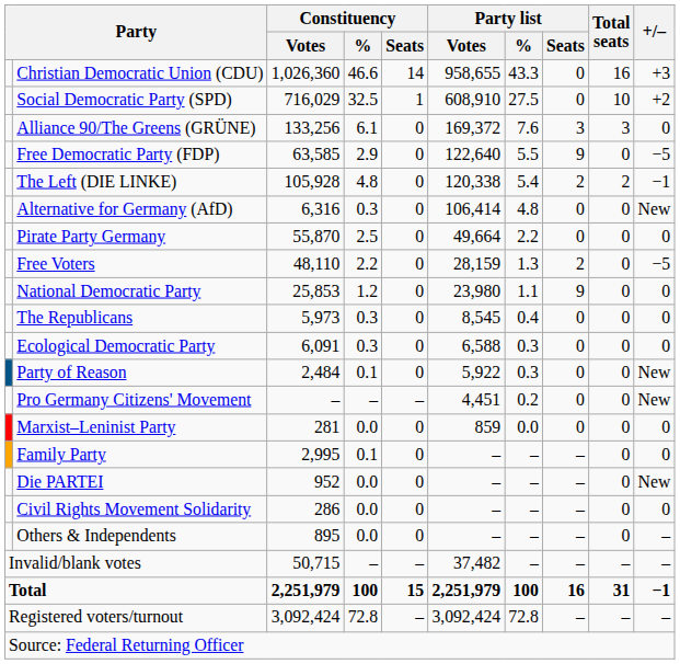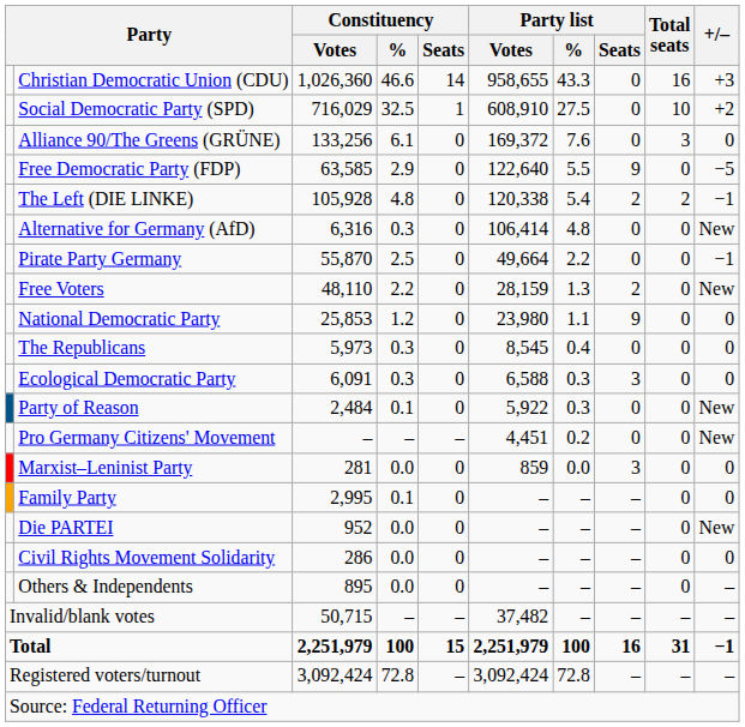 <table class="wikitable" style="text-align:right">
 <tr>
 <th colspan="2" rowspan="2">Party</th>
 <th colspan="3">Constituency</th>
 <th colspan="3">Party list</th>
 <th rowspan="2">Total<br>seats</th>
 <th rowspan="2">+/–</th>
 </tr>
 <tr>
 <th>Votes</th>
 <th>%</th>
 <th>Seats</th>
 <th>Votes</th>
 <th>%</th>
 <th>Seats</th>
 </tr>
 <tr>
 <td></td>
 <td align="left"><a href='#'>Christian Democratic Union</a> (CDU)</td>
 <td>1,026,360</td>
 <td>46.6</td>
 <td>14</td>
 <td>958,655</td>
 <td>43.3</td>
 <td>0</td>
 <td>16</td>
 <td>+3</td>
 </tr>
 <tr>
 <td></td>
 <td align="left"><a href='#'>Social Democratic Party</a> (SPD)</td>
 <td>716,029</td>
 <td>32.5</td>
 <td>1</td>
 <td>608,910</td>
 <td>27.5</td>
 <td>0</td>
 <td>10</td>
 <td>+2</td>
 </tr>
 <tr>
 <td></td>
 <td align="left"><a href='#'>Alliance 90/The Greens</a> (GRÜNE)</td>
 <td>133,256</td>
 <td>6.1</td>
 <td>0</td>
 <td>169,372</td>
 <td>7.6</td>
-<td>3</td>
+<td>0</td>
 <td>3</td>
 <td>0</td>
 </tr>
 <tr>
 <td></td>
 <td align="left"><a href='#'>Free Democratic Party</a> (FDP)</td>
 <td>63,585</td>
 <td>2.9</td>
 <td>0</td>
 <td>122,640</td>
 <td>5.5</td>
 <td>9</td>
 <td>0</td>
 <td>−5</td>
 </tr>
 <tr>
 <td></td>
 <td align="left"><a href='#'>The Left</a> (DIE LINKE)</td>
 <td>105,928</td>
 <td>4.8</td>
 <td>0</td>
 <td>120,338</td>
 <td>5.4</td>
 <td>2</td>
 <td>2</td>
 <td>−1</td>
 </tr>
 <tr>
 <td></td>
 <td align="left"><a href='#'>Alternative for Germany</a> (AfD)</td>
 <td>6,316</td>
 <td>0.3</td>
 <td>0</td>
 <td>106,414</td>
 <td>4.8</td>
 <td>0</td>
 <td>0</td>
 <td>New</td>
 </tr>
 <tr>
 <td style="background-color:"></td>
 <td align="left"><a href='#'>Pirate Party Germany</a></td>
 <td>55,870</td>
 <td>2.5</td>
 <td>0</td>
 <td>49,664</td>
 <td>2.2</td>
 <td>0</td>
 <td>0</td>
-<td>0</td>
+<td>−1</td>
 </tr>
 <tr>
 <td style="background-color:"></td>
 <td align="left"><a href='#'>Free Voters</a></td>
 <td>48,110</td>
 <td>2.2</td>
 <td>0</td>
 <td>28,159</td>
 <td>1.3</td>
 <td>2</td>
 <td>0</td>
-<td>−5</td>
+<td>New</td>
 </tr>
 <tr>
 <td style="background-color:"></td>
 <td align="left"><a href='#'>National Democratic Party</a></td>
 <td>25,853</td>
 <td>1.2</td>
 <td>0</td>
 <td>23,980</td>
 <td>1.1</td>
 <td>9</td>
 <td>0</td>
 <td>0</td>
 </tr>
 <tr>
 <td style="background-color:"></td>
 <td align="left"><a href='#'>The Republicans</a></td>
 <td>5,973</td>
 <td>0.3</td>
 <td>0</td>
 <td>8,545</td>
 <td>0.4</td>
 <td>0</td>
 <td>0</td>
 <td>0</td>
 </tr>
 <tr>
 <td style="background-color:"></td>
 <td align="left"><a href='#'>Ecological Democratic Party</a></td>
 <td>6,091</td>
 <td>0.3</td>
 <td>0</td>
 <td>6,588</td>
 <td>0.3</td>
-<td>0</td>
+<td>3</td>
 <td>0</td>
 <td>0</td>
 </tr>
 <tr>
 <td style="background-color:#005488"></td>
 <td align="left"><a href='#'>Party of Reason</a></td>
 <td>2,484</td>
 <td>0.1</td>
 <td>0</td>
 <td>5,922</td>
 <td>0.3</td>
 <td>0</td>
 <td>0</td>
 <td>New</td>
 </tr>
 <tr>
 <td></td>
 <td align="left"><a href='#'>Pro Germany Citizens' Movement</a></td>
 <td>–</td>
 <td>–</td>
 <td>–</td>
 <td>4,451</td>
 <td>0.2</td>
 <td>0</td>
 <td>0</td>
 <td>New</td>
 </tr>
 <tr>
 <td style="background-color:red"></td>
 <td align="left"><a href='#'>Marxist–Leninist Party</a></td>
 <td>281</td>
 <td>0.0</td>
 <td>0</td>
 <td>859</td>
 <td>0.0</td>
-<td>0</td>
+<td>3</td>
 <td>0</td>
 <td>0</td>
 </tr>
 <tr>
 <td style="background-color:#FFA500"></td>
 <td align="left"><a href='#'>Family Party</a></td>
 <td>2,995</td>
 <td>0.1</td>
 <td>0</td>
 <td>–</td>
 <td>–</td>
 <td>–</td>
 <td>0</td>
 <td>0</td>
 </tr>
 <tr>
 <td style="background-color:"></td>
 <td align="left"><a href='#'>Die PARTEI</a></td>
 <td>952</td>
 <td>0.0</td>
 <td>0</td>
 <td>–</td>
 <td>–</td>
 <td>–</td>
 <td>0</td>
 <td>New</td>
 </tr>
 <tr>
 <td></td>
 <td align="left"><a href='#'>Civil Rights Movement Solidarity</a></td>
 <td>286</td>
 <td>0.0</td>
 <td>0</td>
 <td>–</td>
 <td>–</td>
 <td>–</td>
 <td>0</td>
 <td>0</td>
 </tr>
 <tr>
 <td></td>
 <td align="left">Others & Independents</td>
 <td>895</td>
 <td>0.0</td>
 <td>0</td>
 <td>–</td>
 <td>–</td>
 <td>–</td>
 <td>0</td>
 <td>–</td>
 </tr>
 <tr>
 <td colspan="2" align="left">Invalid/blank votes</td>
 <td>50,715</td>
 <td>–</td>
 <td>–</td>
 <td>37,482</td>
 <td>–</td>
 <td>–</td>
 <td>–</td>
 <td>–</td>
 </tr>
 <tr>
 <td colspan="2" align="left"><strong>Total</strong></td>
 <td><strong>2,251,979</strong></td>
 <td><strong>100</strong></td>
 <td><strong>15</strong></td>
 <td><strong>2,251,979</strong></td>
 <td><strong>100</strong></td>
 <td><strong>16</strong></td>
 <td><strong>31</strong></td>
 <td><strong>−1</strong></td>
 </tr>
 <tr>
 <td colspan="2" align="left">Registered voters/turnout</td>
 <td>3,092,424</td>
 <td>72.8</td>
 <td>–</td>
 <td>3,092,424</td>
 <td>72.8</td>
 <td>–</td>
 <td>–</td>
 <td>–</td>
 </tr>
 <tr>
 <td colspan="10" align="left">Source: <a href='#'>Federal Returning Officer</a></td>
 </tr>
 </table>
